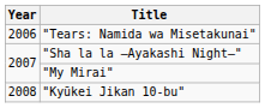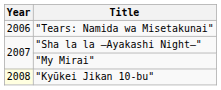 <table class="wikitable">
 <tr>
 <th>Year</th>
 <th>Title</th>
 </tr>
 <tr>
 <td>2006</td>
 <td>"Tears: Namida wa Misetakunai"</td>
 </tr>
 <tr>
 <td rowspan="2">2007</td>
 <td>"Sha la la –Ayakashi Night–"</td>
 </tr>
 <tr>
 <td>"My Mirai"</td>
 </tr>
 <tr>
-<td>2008</td>
+<td style="background: lightyellow;">2008</td>
 <td>"Kyūkei Jikan 10-bu"</td>
 </tr>
 </table>
